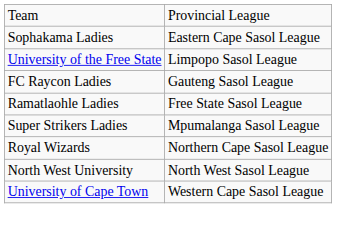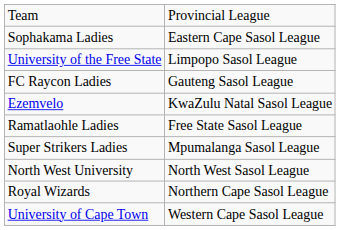 <table class= "wikitable sortable" style="text_align: left;">
 <tr>
 <td>Team</td>
 <td>Provincial League</td>
 </tr>
 <tr>
 <td>Sophakama Ladies</td>
 <td>Eastern Cape Sasol League</td>
 </tr>
 <tr>
 <td><a href='#'>University of the Free State</a></td>
 <td>Limpopo Sasol League</td>
 </tr>
 <tr>
 <td>FC Raycon Ladies</td>
 <td>Gauteng Sasol League</td>
 </tr>
 <tr>
+<td><a href='#'>Ezemvelo</a></td>
+<td>KwaZulu Natal Sasol League</td>
+</tr>
+<tr>
 <td>Ramatlaohle Ladies</td>
 <td>Free State Sasol League</td>
 </tr>
 <tr>
 <td>Super Strikers Ladies</td>
 <td>Mpumalanga Sasol League</td>
 </tr>
 <tr>
+<td>North West University</td>
+<td>North West Sasol League</td>
+</tr>
+<tr>
 <td>Royal Wizards</td>
 <td>Northern Cape Sasol League</td>
-</tr>
-<tr>
-<td>North West University</td>
-<td>North West Sasol League</td>
 </tr>
 <tr>
 <td><a href='#'>University of Cape Town</a></td>
 <td>Western Cape Sasol League</td>
 </tr>
 </table>
